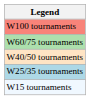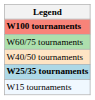 <table class=wikitable style="font-size:85%">
 <tr>
 <th>Legend</th>
 </tr>
 <tr style="background:#f88379;">
-<td>W100 tournaments</td>
+<td><strong>W100 tournaments</strong></td>
 </tr>
 <tr style="background:#addfad">
 <td>W60/75 tournaments</td>
 </tr>
 <tr style="background:#ffe4c4;">
 <td>W40/50 tournaments</td>
 </tr>
 <tr style="background:lightblue;">
-<td>W25/35 tournaments</td>
+<td><strong>W25/35 tournaments</strong></td>
 </tr>
 <tr style="background:#f0f8ff;">
 <td>W15 tournaments</td>
 </tr>
 </table>
